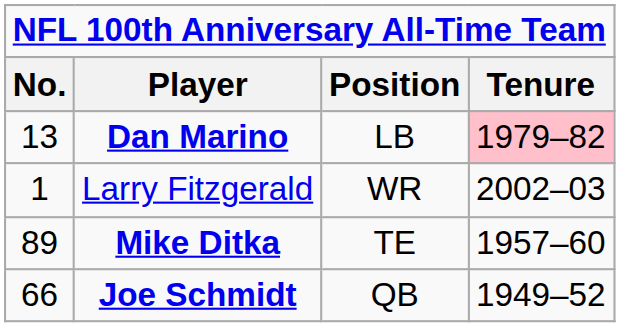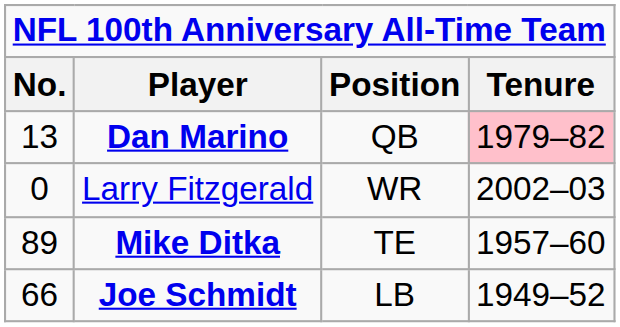 <table class="wikitable" style="text-align:center">
 <tr>
 <td colspan="4"><strong><a href='#'><span>NFL 100th Anniversary All-Time Team</span></a></strong></td>
 </tr>
 <tr>
 <th>No.</th>
 <th>Player</th>
 <th>Position</th>
 <th>Tenure</th>
 </tr>
 <tr>
 <td>13</td>
 <td><strong><a href='#'>Dan Marino</a></strong></td>
-<td>LB</td>
+<td>QB</td>
 <td style="background: pink;">1979–82</td>
 </tr>
 <tr>
-<td>1</td>
+<td>0</td>
 <td><a href='#'>Larry Fitzgerald</a></td>
 <td>WR</td>
 <td>2002–03</td>
 </tr>
 <tr>
 <td>89</td>
 <td><strong><a href='#'>Mike Ditka</a></strong></td>
 <td>TE</td>
 <td>1957–60</td>
 </tr>
 <tr>
 <td>66</td>
 <td><strong><a href='#'>Joe Schmidt</a></strong></td>
-<td>QB</td>
+<td>LB</td>
 <td>1949–52</td>
 </tr>
 </table>
